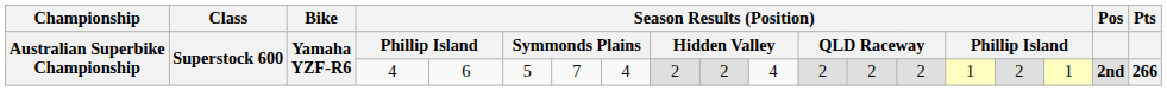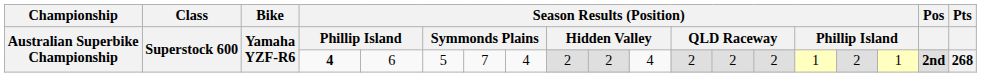 <table class="wikitable" style="text-align:center">
 <tr>
 <th>Championship</th>
 <th>Class</th>
 <th>Bike</th>
 <th colspan=15>Season Results (Position)</th>
 <th>Pos</th>
 <th>Pts</th>
 </tr>
 <tr>
 <th rowspan=2>Australian Superbike <br> Championship</th>
 <th rowspan=2>Superstock 600</th>
 <th rowspan=2>Yamaha <br> YZF-R6</th>
 <th colspan=3 width="132pt">Phillip Island</th>
 <th colspan=3 width="132pt">Symmonds Plains</th>
 <th colspan=3 width="132pt">Hidden Valley</th>
 <th colspan=3 width="132pt">QLD Raceway</th>
 <th colspan=3 width="132pt">Phillip Island</th>
 <th></th>
 <th></th>
 </tr>
 <tr>
-<td>4</td>
+<td><strong>4</strong></td>
 <td colspan=2>6</td>
 <td>5</td>
 <td>7</td>
 <td>4</td>
 <td style="background:#dfdfdf;">2</td>
 <td style="background:#dfdfdf;">2</td>
 <td>4</td>
 <td style="background:#dfdfdf;">2</td>
 <td style="background:#dfdfdf;">2</td>
 <td style="background:#dfdfdf;">2</td>
 <td style="background:#ffffbf;">1</td>
 <td style="background:#dfdfdf;">2</td>
 <td style="background:#ffffbf;">1</td>
 <th style="background:#dfdfdf;">2nd</th>
-<th>266</th>
+<th>268</th>
 </tr>
 </table>
